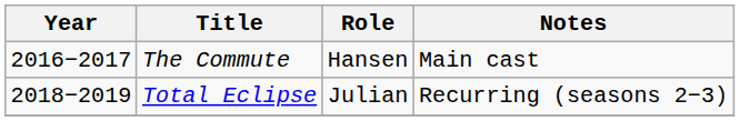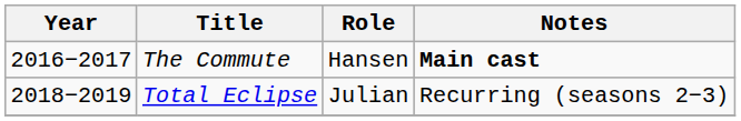 <table class="wikitable sortable">
 <tr>
 <th>Year</th>
 <th>Title</th>
 <th>Role</th>
 <th>Notes</th>
 </tr>
 <tr>
 <td>2016−2017</td>
 <td><em>The Commute</em></td>
 <td>Hansen</td>
-<td>Main cast</td>
+<td><strong>Main cast</strong></td>
 </tr>
 <tr>
 <td>2018−2019</td>
 <td><em><a href='#'>Total Eclipse</a></em></td>
 <td>Julian</td>
 <td>Recurring (seasons 2−3)</td>
 </tr>
 <tr>
 </tr>
 </table>
